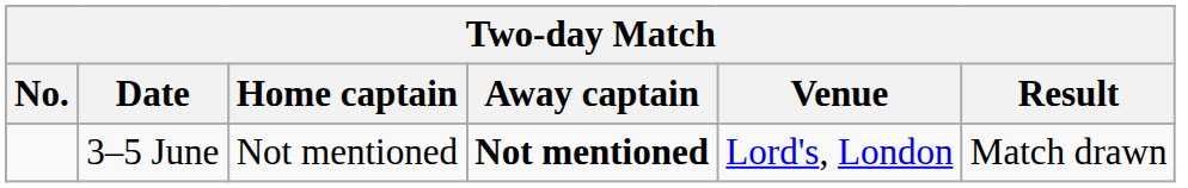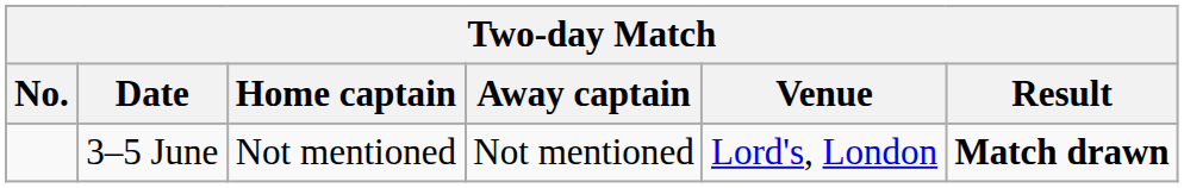 <table class="wikitable">
 <tr>
 <th colspan="9">Two-day Match</th>
 </tr>
 <tr>
 <th>No.</th>
 <th>Date</th>
 <th>Home captain</th>
 <th>Away captain</th>
 <th>Venue</th>
 <th>Result</th>
 </tr>
 <tr>
 <td></td>
 <td>3–5 June</td>
 <td>Not mentioned</td>
-<td><strong>Not mentioned</strong></td>
+<td>Not mentioned</td>
 <td><a href='#'>Lord's</a>, <a href='#'>London</a></td>
-<td>Match drawn</td>
+<td><strong>Match drawn</strong></td>
 </tr>
 </table>
